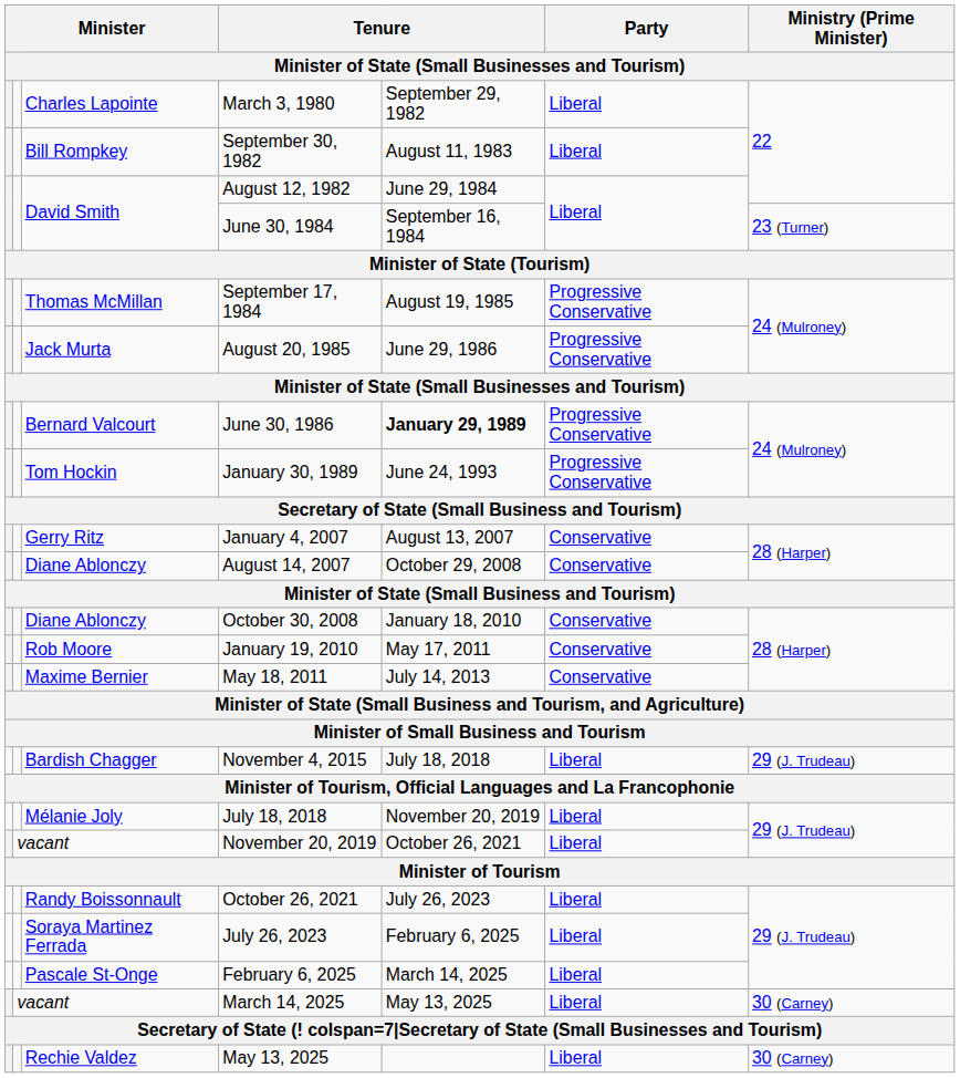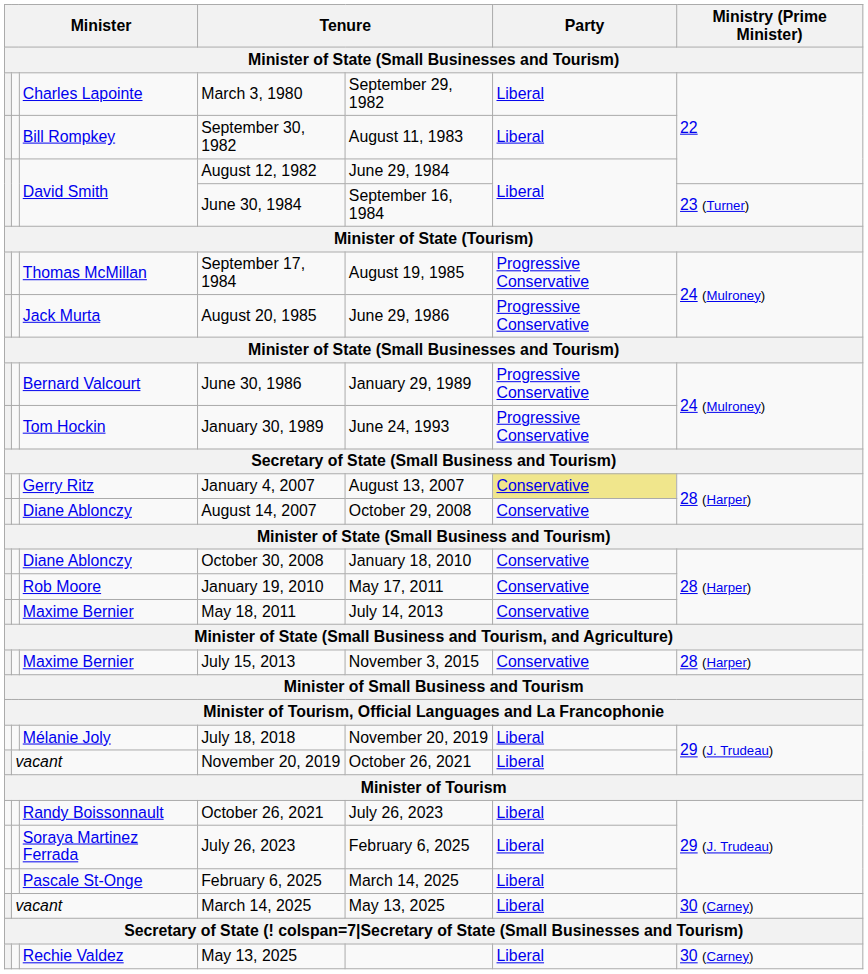 <table class="wikitable">
 <tr>
 <th colspan=3>Minister</th>
 <th colspan="2">Tenure</th>
 <th>Party</th>
 <th>Ministry (Prime Minister)</th>
 </tr>
 <tr>
 <th colspan="7">Minister of State (Small Businesses and Tourism)</th>
 </tr>
 <tr>
 <th style="background:"></th>
 <td></td>
 <td><a href='#'>Charles Lapointe</a></td>
 <td>March 3, 1980</td>
 <td>September 29, 1982</td>
 <td><a href='#'>Liberal</a></td>
 <td rowspan="3"><a href='#'>22</a> <small></small></td>
 </tr>
 <tr>
 <th style="background:"></th>
 <td></td>
 <td><a href='#'>Bill Rompkey</a></td>
 <td>September 30, 1982</td>
 <td>August 11, 1983</td>
 <td><a href='#'>Liberal</a></td>
 </tr>
 <tr>
 <th rowspan="2" style="background:"></th>
 <td rowspan="2"></td>
 <td rowspan="2"><a href='#'>David Smith</a></td>
 <td>August 12, 1982</td>
 <td>June 29, 1984</td>
 <td rowspan="2"><a href='#'>Liberal</a></td>
 </tr>
 <tr>
 <td>June 30, 1984</td>
 <td>September 16, 1984</td>
 <td><a href='#'>23</a> <small>(<a href='#'>Turner</a>)</small></td>
 </tr>
 <tr>
 <th colspan="7">Minister of State (Tourism)</th>
 </tr>
 <tr>
 <th style="background:"></th>
 <td></td>
 <td><a href='#'>Thomas McMillan</a></td>
 <td>September 17, 1984</td>
 <td>August 19, 1985</td>
 <td><a href='#'>Progressive Conservative</a></td>
 <td rowspan="2"><a href='#'>24</a> <small>(<a href='#'>Mulroney</a>)</small></td>
 </tr>
 <tr>
 <th style="background:"></th>
 <td></td>
 <td><a href='#'>Jack Murta</a></td>
 <td>August 20, 1985</td>
 <td>June 29, 1986</td>
 <td><a href='#'>Progressive Conservative</a></td>
 </tr>
 <tr>
 <th colspan="7">Minister of State (Small Businesses and Tourism)</th>
 </tr>
 <tr>
 <th style="background:"></th>
 <td></td>
 <td><a href='#'>Bernard Valcourt</a></td>
 <td>June 30, 1986</td>
-<td><strong>January 29, 1989</strong></td>
+<td>January 29, 1989</td>
 <td><a href='#'>Progressive Conservative</a></td>
 <td rowspan="2"><a href='#'>24</a> <small>(<a href='#'>Mulroney</a>)</small></td>
 </tr>
 <tr>
 <th style="background:"></th>
 <td></td>
 <td><a href='#'>Tom Hockin</a></td>
 <td>January 30, 1989</td>
 <td>June 24, 1993</td>
 <td><a href='#'>Progressive Conservative</a></td>
 </tr>
 <tr>
 <th colspan="7">Secretary of State (Small Business and Tourism)</th>
 </tr>
 <tr>
 <th style="background:"></th>
 <td></td>
 <td><a href='#'>Gerry Ritz</a></td>
 <td>January 4, 2007</td>
 <td>August 13, 2007</td>
-<td><a href='#'>Conservative</a></td>
+<td style="background: khaki;"><a href='#'>Conservative</a></td>
 <td rowspan="2"><a href='#'>28</a> <small>(<a href='#'>Harper</a>)</small></td>
 </tr>
 <tr>
 <th style="background:"></th>
 <td></td>
 <td><a href='#'>Diane Ablonczy</a></td>
 <td>August 14, 2007</td>
 <td>October 29, 2008</td>
 <td><a href='#'>Conservative</a></td>
 </tr>
 <tr>
 <th colspan="7">Minister of State (Small Business and Tourism)</th>
 </tr>
 <tr>
 <th style="background:"></th>
 <td></td>
 <td><a href='#'>Diane Ablonczy</a></td>
 <td>October 30, 2008</td>
 <td>January 18, 2010</td>
 <td><a href='#'>Conservative</a></td>
 <td rowspan="3"><a href='#'>28</a> <small>(<a href='#'>Harper</a>)</small></td>
 </tr>
 <tr>
 <th style="background:"></th>
 <td></td>
 <td><a href='#'>Rob Moore</a></td>
 <td>January 19, 2010</td>
 <td>May 17, 2011</td>
 <td><a href='#'>Conservative</a></td>
 </tr>
 <tr>
 <th style="background:"></th>
 <td></td>
 <td><a href='#'>Maxime Bernier</a></td>
 <td>May 18, 2011</td>
 <td>July 14, 2013</td>
 <td><a href='#'>Conservative</a></td>
 </tr>
 <tr>
 <th colspan="7">Minister of State (Small Business and Tourism, and Agriculture)</th>
 </tr>
 <tr>
-<th colspan="7">Minister of Small Business and Tourism</th>
+<th style="background:"></th>
+<td></td>
+<td><a href='#'>Maxime Bernier</a></td>
+<td>July 15, 2013</td>
+<td>November 3, 2015</td>
+<td><a href='#'>Conservative</a></td>
+<td rowspan="1"><a href='#'>28</a> <small>(<a href='#'>Harper</a>)</small></td>
 </tr>
 <tr>
-<td></td>
-<td></td>
-<td><a href='#'>Bardish Chagger</a></td>
-<td>November 4, 2015</td>
-<td>July 18, 2018</td>
-<td><a href='#'>Liberal</a></td>
-<td rowspan="1"><a href='#'>29</a> <small>(<a href='#'>J. Trudeau</a>)</small></td>
+<th colspan="7">Minister of Small Business and Tourism</th>
 </tr>
 <tr>
 <th colspan="7">Minister of Tourism, Official Languages and La Francophonie</th>
 </tr>
 <tr>
 <td></td>
 <td></td>
 <td><a href='#'>Mélanie Joly</a></td>
 <td>July 18, 2018</td>
 <td>November 20, 2019</td>
 <td><a href='#'>Liberal</a></td>
 <td rowspan="2"><a href='#'>29</a> <small>(<a href='#'>J. Trudeau</a>)</small></td>
 </tr>
 <tr>
 <th style="background:"></th>
 <td colspan="2"><em>vacant</em></td>
 <td>November 20, 2019</td>
 <td>October 26, 2021</td>
 <td><a href='#'>Liberal</a></td>
 </tr>
 <tr>
 <th colspan="7">Minister of Tourism</th>
 </tr>
 <tr>
 <td></td>
 <td></td>
 <td><a href='#'>Randy Boissonnault</a></td>
 <td>October 26, 2021</td>
 <td>July 26, 2023</td>
 <td><a href='#'>Liberal</a></td>
 <td rowspan="3"><a href='#'>29</a> <small>(<a href='#'>J. Trudeau</a>)</small></td>
 </tr>
 <tr>
 <td></td>
 <td></td>
 <td><a href='#'>Soraya Martinez Ferrada</a></td>
 <td>July 26, 2023</td>
 <td>February 6, 2025</td>
 <td><a href='#'>Liberal</a></td>
 </tr>
 <tr>
 <td></td>
 <td></td>
 <td><a href='#'>Pascale St-Onge</a></td>
 <td>February 6, 2025</td>
 <td>March 14, 2025</td>
 <td><a href='#'>Liberal</a></td>
 </tr>
 <tr>
 <th style="background:"></th>
 <td colspan="2"><em>vacant</em></td>
 <td>March 14, 2025</td>
 <td>May 13, 2025</td>
 <td><a href='#'>Liberal</a></td>
 <td><a href='#'>30</a> <small>(<a href='#'>Carney</a>)</small></td>
 </tr>
 <tr>
 <th colspan=7>Secretary of State (! colspan=7|Secretary of State (Small Businesses and Tourism)</th>
 </tr>
 <tr>
 <th style="background:"></th>
 <td></td>
 <td><a href='#'>Rechie Valdez</a></td>
 <td>May 13, 2025</td>
 <td></td>
 <td><a href='#'>Liberal</a></td>
 <td><a href='#'>30</a> <small>(<a href='#'>Carney</a>)</small></td>
 </tr>
 </table>
